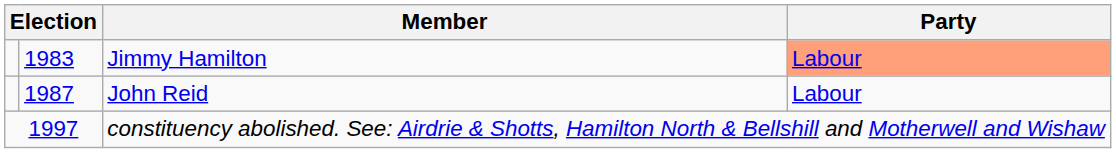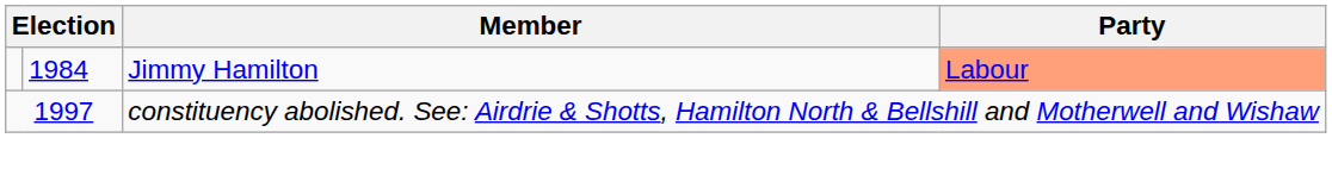 <table class="wikitable">
 <tr>
 <th colspan="2">Election</th>
 <th>Member</th>
 <th>Party</th>
 </tr>
 <tr>
 <td style="color:inherit;background-color: "></td>
-<td><a href='#'>1983</a></td>
+<td><a href='#'>1984</a></td>
 <td><a href='#'>Jimmy Hamilton</a></td>
 <td style="background: lightsalmon;"><a href='#'>Labour</a></td>
-</tr>
-<tr>
-<td style="color:inherit;background-color: "></td>
-<td><a href='#'>1987</a></td>
-<td><a href='#'>John Reid</a></td>
-<td><a href='#'>Labour</a></td>
 </tr>
 <tr>
 <td colspan="2" align="center"><a href='#'>1997</a></td>
 <td colspan="2"><em>constituency abolished. See: <a href='#'>Airdrie & Shotts</a>, <a href='#'>Hamilton North & Bellshill</a> and <a href='#'>Motherwell and Wishaw</a></em></td>
 </tr>
 </table>
